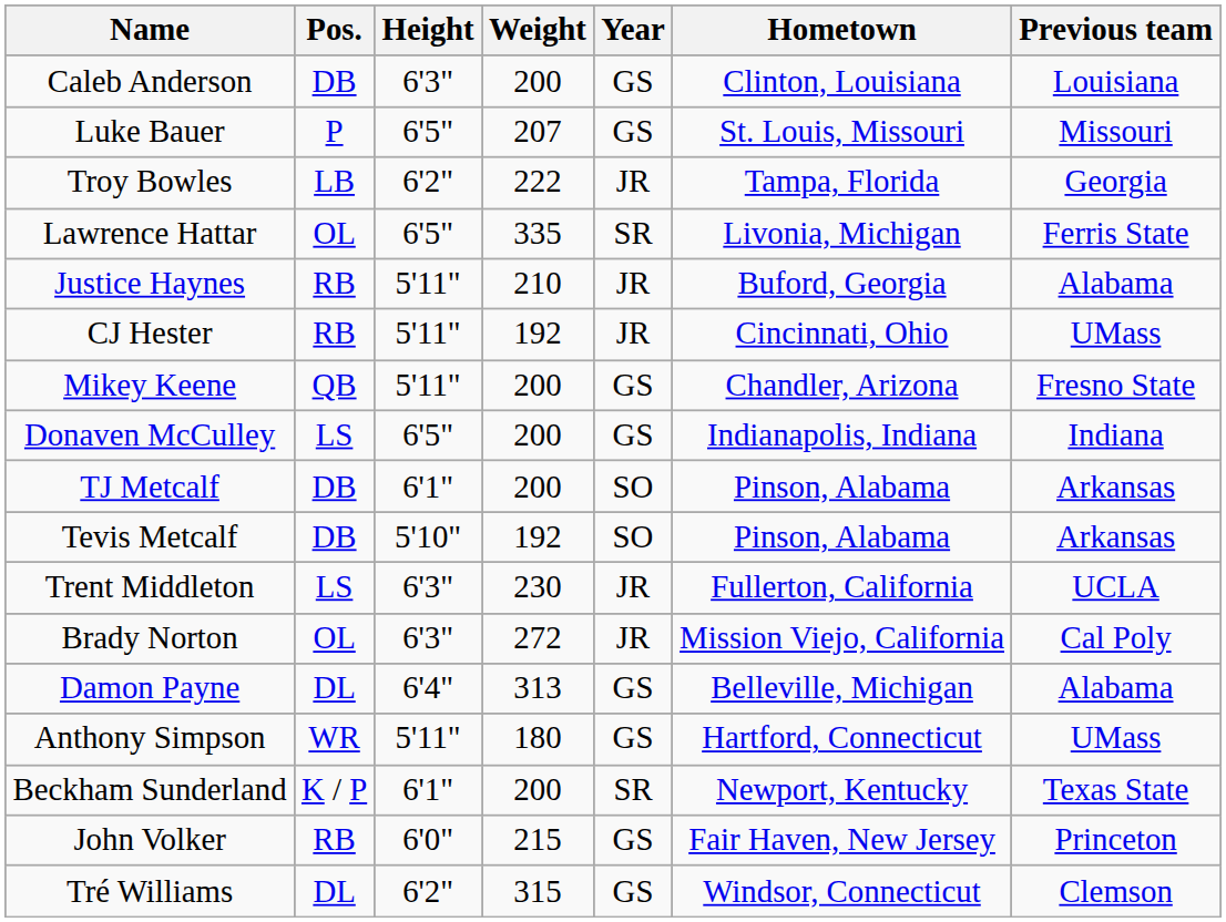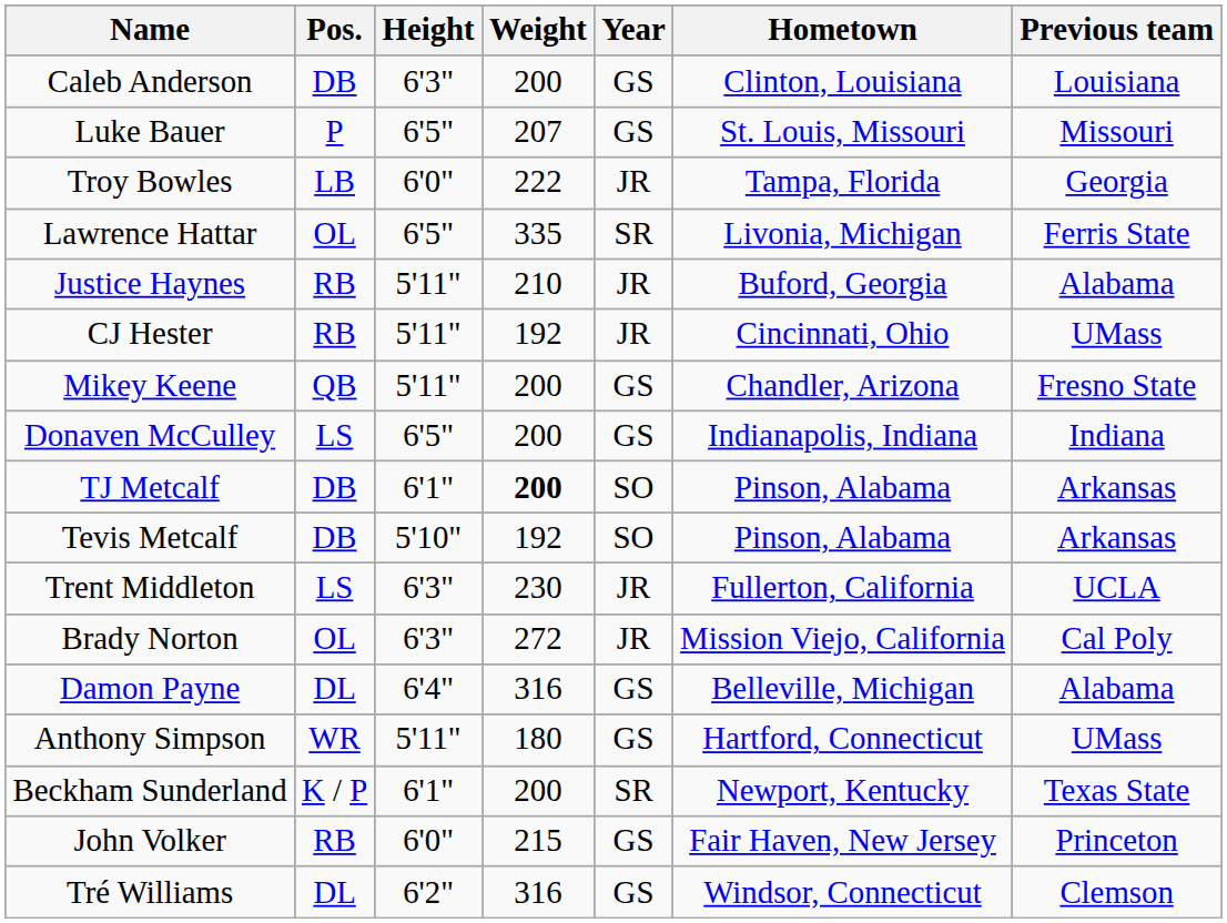 <table class="wikitable sortable sortable" style="text-align: center">
 <tr align=center>
 <th>Name</th>
 <th>Pos.</th>
 <th>Height</th>
 <th>Weight</th>
 <th>Year</th>
 <th>Hometown</th>
 <th>Previous team</th>
 </tr>
 <tr>
 <td>Caleb Anderson</td>
 <td><a href='#'>DB</a></td>
 <td>6'3"</td>
 <td>200</td>
 <td>GS</td>
 <td><a href='#'>Clinton, Louisiana</a></td>
 <td><a href='#'>Louisiana</a></td>
 </tr>
 <tr>
 <td>Luke Bauer</td>
 <td><a href='#'>P</a></td>
 <td>6'5"</td>
 <td>207</td>
 <td>GS</td>
 <td><a href='#'>St. Louis, Missouri</a></td>
 <td><a href='#'>Missouri</a></td>
 </tr>
 <tr>
 <td>Troy Bowles</td>
 <td><a href='#'>LB</a></td>
-<td>6'2"</td>
+<td>6'0"</td>
 <td>222</td>
 <td>JR</td>
 <td><a href='#'>Tampa, Florida</a></td>
 <td><a href='#'>Georgia</a></td>
 </tr>
 <tr>
 <td>Lawrence Hattar</td>
 <td><a href='#'>OL</a></td>
 <td>6'5"</td>
 <td>335</td>
 <td>SR</td>
 <td><a href='#'>Livonia, Michigan</a></td>
 <td><a href='#'>Ferris State</a></td>
 </tr>
 <tr>
 <td><a href='#'>Justice Haynes</a></td>
 <td><a href='#'>RB</a></td>
 <td>5'11"</td>
 <td>210</td>
 <td>JR</td>
 <td><a href='#'>Buford, Georgia</a></td>
 <td><a href='#'>Alabama</a></td>
 </tr>
 <tr>
 <td>CJ Hester</td>
 <td><a href='#'>RB</a></td>
 <td>5'11"</td>
 <td>192</td>
 <td>JR</td>
 <td><a href='#'>Cincinnati, Ohio</a></td>
 <td><a href='#'>UMass</a></td>
 </tr>
 <tr>
 <td><a href='#'>Mikey Keene</a></td>
 <td><a href='#'>QB</a></td>
 <td>5'11"</td>
 <td>200</td>
 <td>GS</td>
 <td><a href='#'>Chandler, Arizona</a></td>
 <td><a href='#'>Fresno State</a></td>
 </tr>
 <tr>
 <td><a href='#'>Donaven McCulley</a></td>
 <td><a href='#'>LS</a></td>
 <td>6'5"</td>
 <td>200</td>
 <td>GS</td>
 <td><a href='#'>Indianapolis, Indiana</a></td>
 <td><a href='#'>Indiana</a></td>
 </tr>
 <tr>
 <td><a href='#'>TJ Metcalf</a></td>
 <td><a href='#'>DB</a></td>
 <td>6'1"</td>
-<td>200</td>
+<td><strong>200</strong></td>
 <td>SO</td>
 <td><a href='#'>Pinson, Alabama</a></td>
 <td><a href='#'>Arkansas</a></td>
 </tr>
 <tr>
 <td>Tevis Metcalf</td>
 <td><a href='#'>DB</a></td>
 <td>5'10"</td>
 <td>192</td>
 <td>SO</td>
 <td><a href='#'>Pinson, Alabama</a></td>
 <td><a href='#'>Arkansas</a></td>
 </tr>
 <tr>
 <td>Trent Middleton</td>
 <td><a href='#'>LS</a></td>
 <td>6'3"</td>
 <td>230</td>
 <td>JR</td>
 <td><a href='#'>Fullerton, California</a></td>
 <td><a href='#'>UCLA</a></td>
 </tr>
 <tr>
 <td>Brady Norton</td>
 <td><a href='#'>OL</a></td>
 <td>6'3"</td>
 <td>272</td>
 <td>JR</td>
 <td><a href='#'>Mission Viejo, California</a></td>
 <td><a href='#'>Cal Poly</a></td>
 </tr>
 <tr>
 <td><a href='#'>Damon Payne</a></td>
 <td><a href='#'>DL</a></td>
 <td>6'4"</td>
-<td>313</td>
+<td>316</td>
 <td>GS</td>
 <td><a href='#'>Belleville, Michigan</a></td>
 <td><a href='#'>Alabama</a></td>
 </tr>
 <tr>
 <td>Anthony Simpson</td>
 <td><a href='#'>WR</a></td>
 <td>5'11"</td>
 <td>180</td>
 <td>GS</td>
 <td><a href='#'>Hartford, Connecticut</a></td>
 <td><a href='#'>UMass</a></td>
 </tr>
 <tr>
 <td>Beckham Sunderland</td>
 <td><a href='#'>K</a> / <a href='#'>P</a></td>
 <td>6'1"</td>
 <td>200</td>
 <td>SR</td>
 <td><a href='#'>Newport, Kentucky</a></td>
 <td><a href='#'>Texas State</a></td>
 </tr>
 <tr>
 <td>John Volker</td>
 <td><a href='#'>RB</a></td>
 <td>6'0"</td>
 <td>215</td>
 <td>GS</td>
 <td><a href='#'>Fair Haven, New Jersey</a></td>
 <td><a href='#'>Princeton</a></td>
 </tr>
 <tr>
 <td>Tré Williams</td>
 <td><a href='#'>DL</a></td>
 <td>6'2"</td>
-<td>315</td>
+<td>316</td>
 <td>GS</td>
 <td><a href='#'>Windsor, Connecticut</a></td>
 <td><a href='#'>Clemson</a></td>
 </tr>
 </table>
